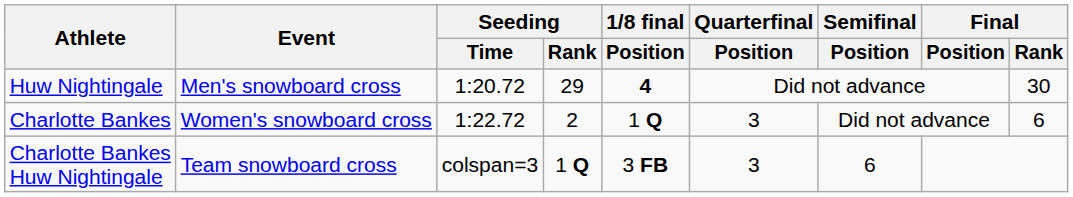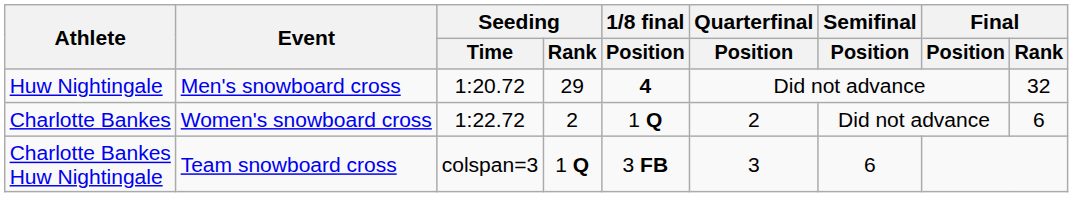 <table class=wikitable style=font-size:90%;text-align:center>
 <tr>
 <th rowspan=2>Athlete</th>
 <th rowspan=2>Event</th>
 <th colspan=2>Seeding</th>
 <th>1/8 final</th>
 <th>Quarterfinal</th>
 <th>Semifinal</th>
 <th colspan=2>Final</th>
 </tr>
 <tr style=font-size:95%>
 <th>Time</th>
 <th>Rank</th>
 <th>Position</th>
 <th>Position</th>
 <th>Position</th>
 <th>Position</th>
 <th>Rank</th>
 </tr>
 <tr>
 <td align=left><a href='#'>Huw Nightingale</a></td>
 <td align=left><a href='#'>Men's snowboard cross</a></td>
 <td>1:20.72</td>
 <td>29</td>
 <td><strong>4</strong></td>
 <td colspan=3>Did not advance</td>
-<td>30</td>
+<td>32</td>
 </tr>
 <tr>
 <td align=left><a href='#'>Charlotte Bankes</a></td>
 <td align=left><a href='#'>Women's snowboard cross</a></td>
 <td>1:22.72</td>
 <td>2</td>
 <td>1 <strong>Q</strong></td>
-<td>3</td>
+<td>2</td>
 <td colspan=2>Did not advance</td>
 <td>6</td>
 </tr>
 <tr>
 <td align=left><a href='#'>Charlotte Bankes</a><br><a href='#'>Huw Nightingale</a></td>
 <td align=left><a href='#'>Team snowboard cross</a></td>
 <td>colspan=3 </td>
 <td>1 <strong>Q</strong></td>
 <td>3 <strong>FB</strong></td>
 <td>3</td>
 <td>6</td>
 </tr>
 </table>
